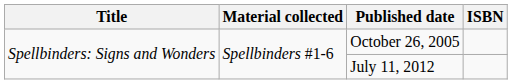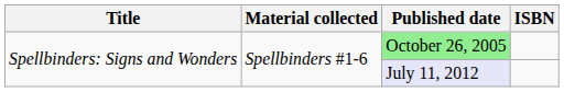 <table class="wikitable">
 <tr>
 <th>Title</th>
 <th>Material collected</th>
 <th>Published date</th>
 <th>ISBN</th>
 </tr>
 <tr>
 <td rowspan="2"><em>Spellbinders: Signs and Wonders</em></td>
 <td rowspan="2"><em>Spellbinders</em> #1-6</td>
-<td>October 26, 2005</td>
+<td style="background: lightgreen;">October 26, 2005</td>
 <td></td>
 </tr>
 <tr>
-<td>July 11, 2012</td>
+<td style="background: lavender;">July 11, 2012</td>
 <td></td>
 </tr>
 </table>
